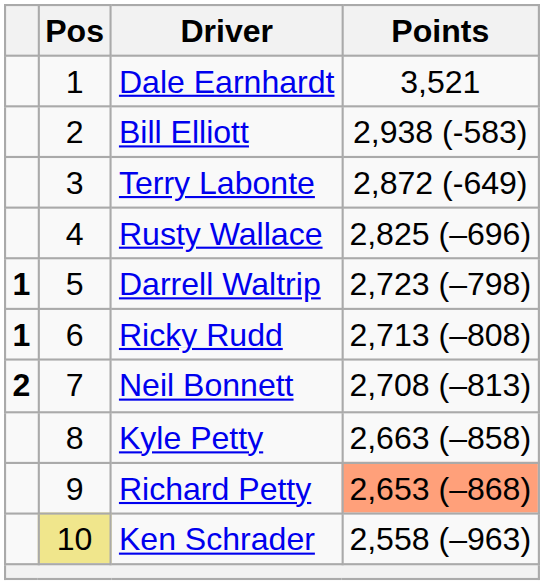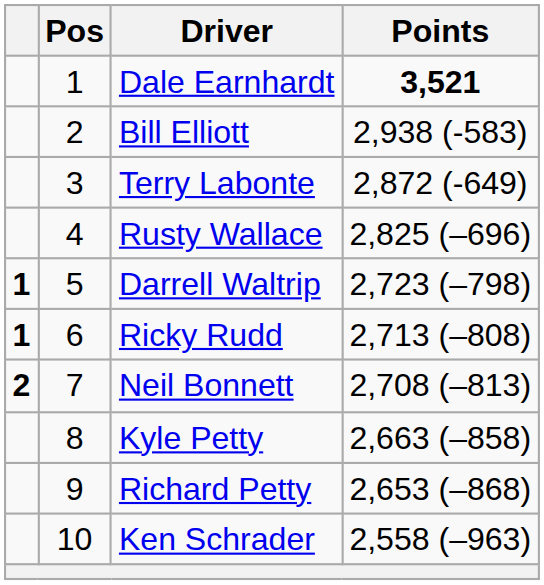 <table class="wikitable" style="font-size: 95%;">
 <tr>
 <th></th>
 <th>Pos</th>
 <th>Driver</th>
 <th>Points</th>
 </tr>
 <tr>
 <td align="left"></td>
 <td style="text-align:center;">1</td>
 <td><a href='#'>Dale Earnhardt</a></td>
-<td style="text-align:center;">3,521</td>
+<td style="text-align:center;"><strong>3,521</strong></td>
 </tr>
 <tr>
 <td align="left"></td>
 <td style="text-align:center;">2</td>
 <td><a href='#'>Bill Elliott</a></td>
 <td style="text-align:center;">2,938 (-583)</td>
 </tr>
 <tr>
 <td align="left"></td>
 <td style="text-align:center;">3</td>
 <td><a href='#'>Terry Labonte</a></td>
 <td style="text-align:center;">2,872 (-649)</td>
 </tr>
 <tr>
 <td align="left"></td>
 <td style="text-align:center;">4</td>
 <td><a href='#'>Rusty Wallace</a></td>
 <td style="text-align:center;">2,825 (–696)</td>
 </tr>
 <tr>
 <td align="left">  <strong>1</strong></td>
 <td style="text-align:center;">5</td>
 <td><a href='#'>Darrell Waltrip</a></td>
 <td style="text-align:center;">2,723 (–798)</td>
 </tr>
 <tr>
 <td align="left">  <strong>1</strong></td>
 <td style="text-align:center;">6</td>
 <td><a href='#'>Ricky Rudd</a></td>
 <td style="text-align:center;">2,713 (–808)</td>
 </tr>
 <tr>
 <td align="left">  <strong>2</strong></td>
 <td style="text-align:center;">7</td>
 <td><a href='#'>Neil Bonnett</a></td>
 <td style="text-align:center;">2,708 (–813)</td>
 </tr>
 <tr>
 <td align="left"></td>
 <td style="text-align:center;">8</td>
 <td><a href='#'>Kyle Petty</a></td>
 <td style="text-align:center;">2,663 (–858)</td>
 </tr>
 <tr>
 <td align="left"></td>
 <td style="text-align:center;">9</td>
 <td><a href='#'>Richard Petty</a></td>
-<td style="background: lightsalmon; text-align:center;">2,653 (–868)</td>
+<td style="text-align:center;">2,653 (–868)</td>
 </tr>
 <tr>
 <td align="left"></td>
-<td style="background: khaki; text-align:center;">10</td>
+<td style="text-align:center;">10</td>
 <td><a href='#'>Ken Schrader</a></td>
 <td style="text-align:center;">2,558 (–963)</td>
 </tr>
 <tr class="sortbottom">
 <th colspan="9"></th>
 </tr>
 </table>
